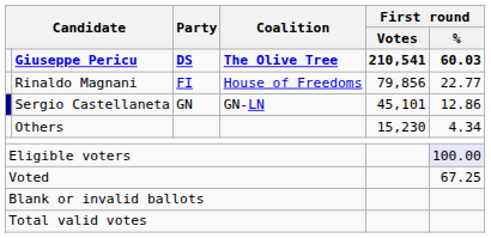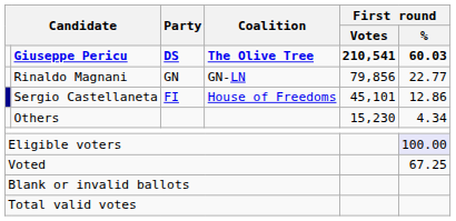 <table class="wikitable centre">
 <tr>
 <th scope="col" rowspan=2 colspan=2>Candidate</th>
 <th scope="col" rowspan=2 colspan=1>Party</th>
 <th scope="col" rowspan=2 colspan=1>Coalition</th>
 <th scope="col" colspan=2>First round</th>
 </tr>
 <tr>
 <th scope="col">Votes</th>
 <th scope="col">%</th>
 </tr>
 <tr>
 <td></td>
 <td><strong><a href='#'>Giuseppe Pericu</a></strong></td>
 <td><strong><a href='#'>DS</a></strong></td>
 <td><strong><a href='#'>The Olive Tree</a></strong></td>
 <td style="text-align: right"><strong>210,541</strong></td>
 <td style="text-align: right"><strong>60.03</strong></td>
 </tr>
 <tr>
 <td></td>
 <td>Rinaldo Magnani</td>
-<td><a href='#'>FI</a></td>
-<td><a href='#'>House of Freedoms</a></td>
+<td>GN</td>
+<td>GN-<a href='#'>LN</a></td>
 <td style="text-align: right">79,856</td>
 <td style="text-align: right">22.77</td>
 </tr>
 <tr>
 <td bgcolor="darkblue"></td>
 <td>Sergio Castellaneta</td>
-<td>GN</td>
-<td>GN-<a href='#'>LN</a></td>
+<td><a href='#'>FI</a></td>
+<td><a href='#'>House of Freedoms</a></td>
 <td style="text-align: right">45,101</td>
 <td style="text-align: right">12.86</td>
 </tr>
 <tr>
 <td bgcolor=""></td>
 <td>Others</td>
 <td></td>
 <td></td>
 <td style="text-align: right">15,230</td>
 <td style="text-align: right">4.34</td>
 </tr>
 <tr bgcolor=white>
 <td colspan=8></td>
 </tr>
 <tr>
 <td colspan=4>Eligible voters</td>
 <td style="text-align: right"></td>
 <td style="background: lavender; text-align: right">100.00</td>
 </tr>
 <tr>
 <td colspan=4>Voted</td>
 <td style="text-align: right"></td>
 <td style="text-align: right">67.25</td>
 </tr>
 <tr>
 <td colspan=4>Blank or invalid ballots</td>
 <td style="text-align: right"></td>
 <td style="text-align: right"></td>
 </tr>
 <tr>
 <td colspan=4>Total valid votes</td>
 <td style="text-align: right"></td>
 <td style="text-align: right"></td>
 </tr>
 </table>
